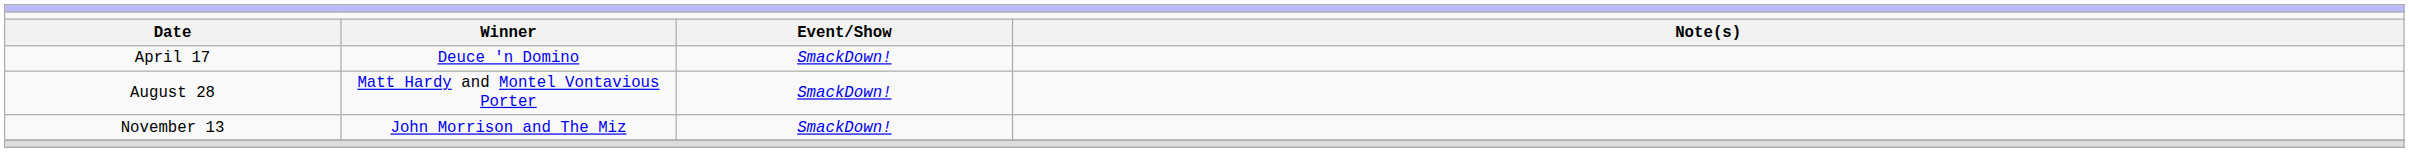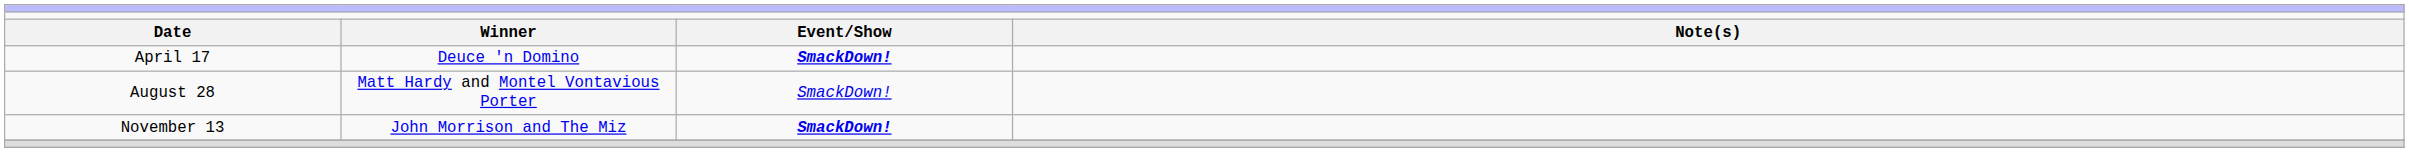 <table class="wikitable" style="text-align:center; width:100%;">
 <tr style="background:#BBF;">
 <td colspan="5"></td>
 </tr>
 <tr>
 <td colspan="5"><strong></strong></td>
 </tr>
 <tr>
 <th width=14%>Date</th>
 <th width=14%>Winner</th>
 <th width=14%>Event/Show</th>
 <th width=58%>Note(s)</th>
 </tr>
 <tr>
 <td>April 17<br></td>
 <td><a href='#'>Deuce 'n Domino</a></td>
-<td><em><a href='#'>SmackDown!</a></em></td>
+<td><strong><em><a href='#'>SmackDown!</a></em></strong></td>
 <td></td>
 </tr>
 <tr>
 <td>August 28<br></td>
 <td><a href='#'>Matt Hardy</a> and <a href='#'>Montel Vontavious Porter</a></td>
 <td><em><a href='#'>SmackDown!</a></em></td>
 <td></td>
 </tr>
 <tr>
 <td>November 13<br></td>
 <td><a href='#'>John Morrison and The Miz</a></td>
-<td><em><a href='#'>SmackDown!</a></em></td>
+<td><strong><em><a href='#'>SmackDown!</a></em></strong></td>
 <td></td>
 </tr>
 <tr>
 </tr>
 <tr style="background:#ddd;">
 <td colspan="5"></td>
 </tr>
 <tr>
 </tr>
 </table>
